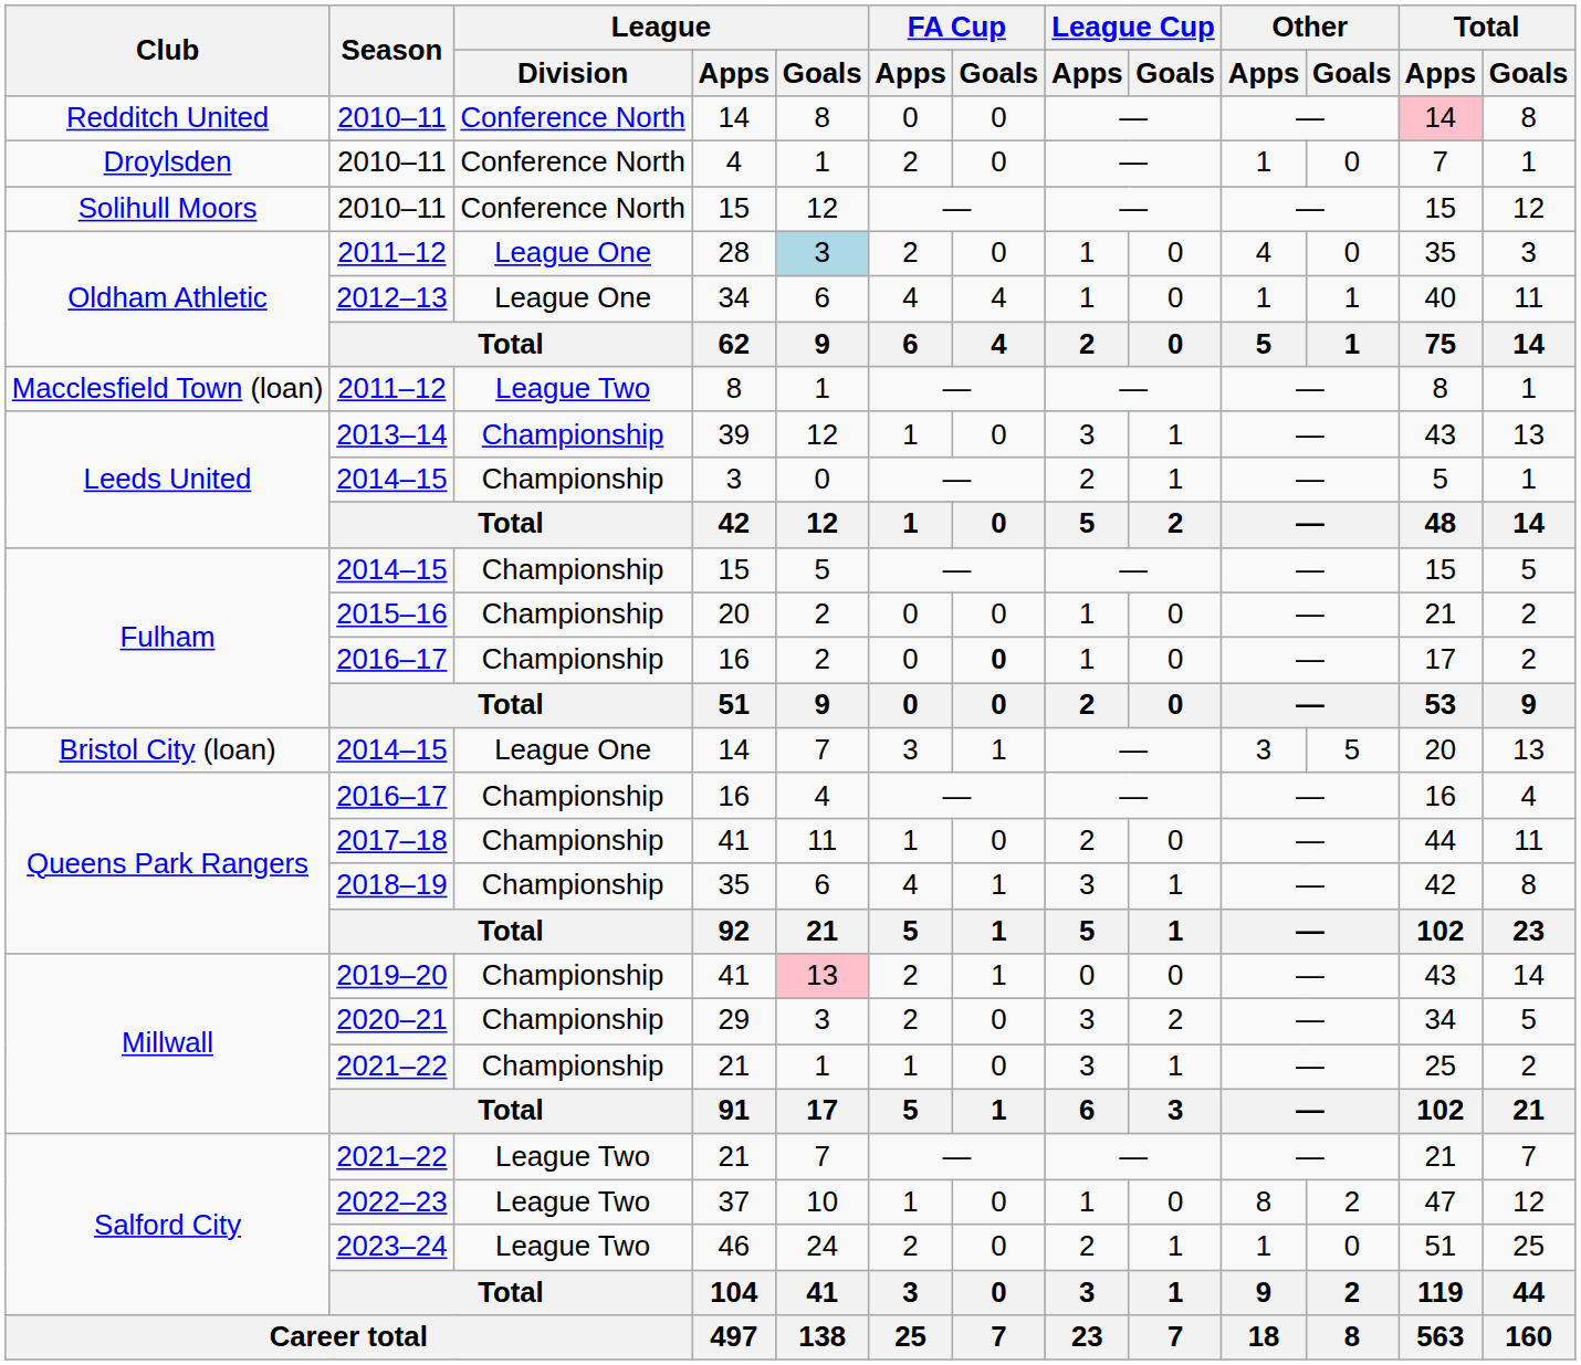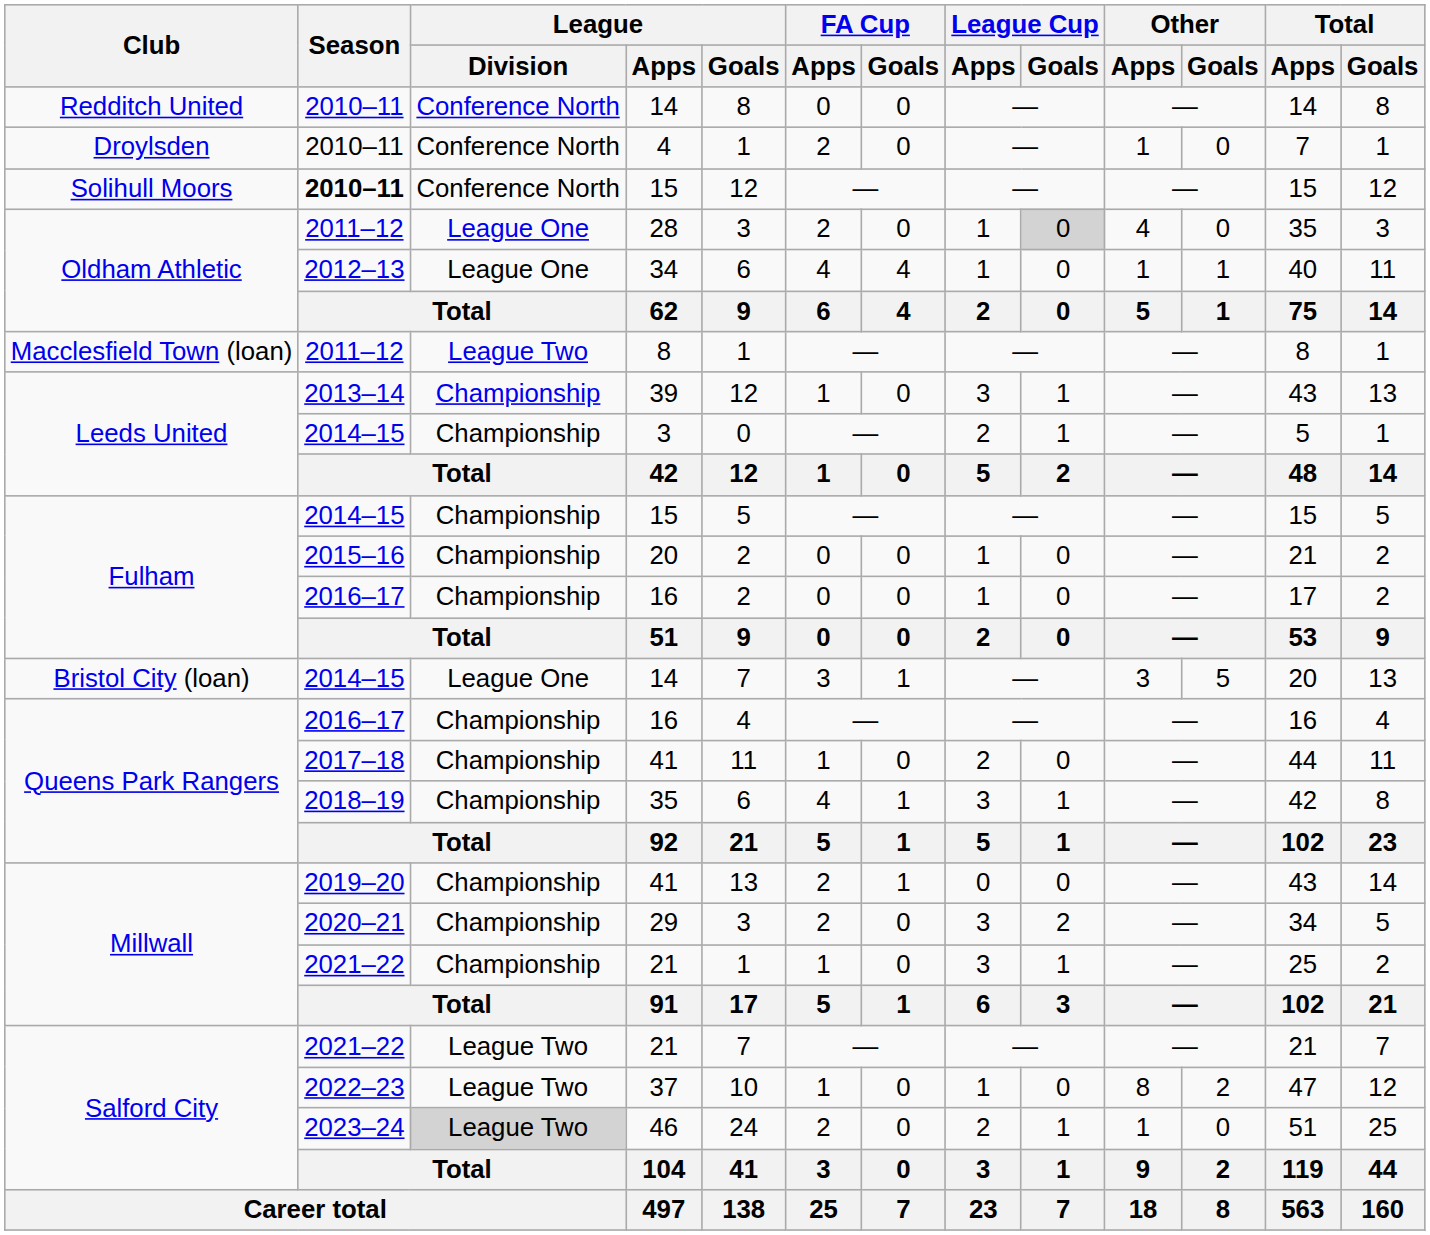 <table class=wikitable style="text-align:center;">
 <tr>
 <th rowspan=2>Club</th>
 <th rowspan=2>Season</th>
 <th colspan=3>League</th>
 <th colspan=2><a href='#'>FA Cup</a></th>
 <th colspan=2><a href='#'>League Cup</a></th>
 <th colspan=2>Other</th>
 <th colspan=2>Total</th>
 </tr>
 <tr>
 <th>Division</th>
 <th>Apps</th>
 <th>Goals</th>
 <th>Apps</th>
 <th>Goals</th>
 <th>Apps</th>
 <th>Goals</th>
 <th>Apps</th>
 <th>Goals</th>
 <th>Apps</th>
 <th>Goals</th>
 </tr>
 <tr>
 <td><a href='#'>Redditch United</a></td>
 <td><a href='#'>2010–11</a></td>
 <td><a href='#'>Conference North</a></td>
 <td>14</td>
 <td>8</td>
 <td>0</td>
 <td>0</td>
 <td colspan="2">—</td>
 <td colspan="2">—</td>
-<td style="background: pink;">14</td>
+<td>14</td>
 <td>8</td>
 </tr>
 <tr>
 <td><a href='#'>Droylsden</a></td>
 <td>2010–11</td>
 <td>Conference North</td>
 <td>4</td>
 <td>1</td>
 <td>2</td>
 <td>0</td>
 <td colspan="2">—</td>
 <td>1</td>
 <td>0</td>
 <td>7</td>
 <td>1</td>
 </tr>
 <tr>
 <td><a href='#'>Solihull Moors</a></td>
-<td>2010–11</td>
+<td><strong>2010–11</strong></td>
 <td>Conference North</td>
 <td>15</td>
 <td>12</td>
 <td colspan="2">—</td>
 <td colspan="2">—</td>
 <td colspan="2">—</td>
 <td>15</td>
 <td>12</td>
 </tr>
 <tr>
 <td rowspan="3"><a href='#'>Oldham Athletic</a></td>
 <td><a href='#'>2011–12</a></td>
 <td><a href='#'>League One</a></td>
 <td>28</td>
-<td style="background: lightblue;">3</td>
+<td>3</td>
 <td>2</td>
 <td>0</td>
 <td>1</td>
-<td>0</td>
+<td style="background: lightgrey;">0</td>
 <td>4</td>
 <td>0</td>
 <td>35</td>
 <td>3</td>
 </tr>
 <tr>
 <td><a href='#'>2012–13</a></td>
 <td>League One</td>
 <td>34</td>
 <td>6</td>
 <td>4</td>
 <td>4</td>
 <td>1</td>
 <td>0</td>
 <td>1</td>
 <td>1</td>
 <td>40</td>
 <td>11</td>
 </tr>
 <tr>
 <th colspan=2>Total</th>
 <th>62</th>
 <th>9</th>
 <th>6</th>
 <th>4</th>
 <th>2</th>
 <th>0</th>
 <th>5</th>
 <th>1</th>
 <th>75</th>
 <th>14</th>
 </tr>
 <tr>
 <td><a href='#'>Macclesfield Town</a> (loan)</td>
 <td><a href='#'>2011–12</a></td>
 <td><a href='#'>League Two</a></td>
 <td>8</td>
 <td>1</td>
 <td colspan=2>—</td>
 <td colspan=2>—</td>
 <td colspan=2>—</td>
 <td>8</td>
 <td>1</td>
 </tr>
 <tr>
 <td rowspan=3><a href='#'>Leeds United</a></td>
 <td><a href='#'>2013–14</a></td>
 <td><a href='#'>Championship</a></td>
 <td>39</td>
 <td>12</td>
 <td>1</td>
 <td>0</td>
 <td>3</td>
 <td>1</td>
 <td colspan=2>—</td>
 <td>43</td>
 <td>13</td>
 </tr>
 <tr>
 <td><a href='#'>2014–15</a></td>
 <td>Championship</td>
 <td>3</td>
 <td>0</td>
 <td colspan=2>—</td>
 <td>2</td>
 <td>1</td>
 <td colspan=2>—</td>
 <td>5</td>
 <td>1</td>
 </tr>
 <tr>
 <th colspan=2>Total</th>
 <th>42</th>
 <th>12</th>
 <th>1</th>
 <th>0</th>
 <th>5</th>
 <th>2</th>
 <th colspan=2>—</th>
 <th>48</th>
 <th>14</th>
 </tr>
 <tr>
 <td rowspan=4><a href='#'>Fulham</a></td>
 <td><a href='#'>2014–15</a></td>
 <td>Championship</td>
 <td>15</td>
 <td>5</td>
 <td colspan=2>—</td>
 <td colspan=2>—</td>
 <td colspan=2>—</td>
 <td>15</td>
 <td>5</td>
 </tr>
 <tr>
 <td><a href='#'>2015–16</a></td>
 <td>Championship</td>
 <td>20</td>
 <td>2</td>
 <td>0</td>
 <td>0</td>
 <td>1</td>
 <td>0</td>
 <td colspan=2>—</td>
 <td>21</td>
 <td>2</td>
 </tr>
 <tr>
 <td><a href='#'>2016–17</a></td>
 <td>Championship</td>
 <td>16</td>
 <td>2</td>
 <td>0</td>
-<td><strong>0</strong></td>
+<td>0</td>
 <td>1</td>
 <td>0</td>
 <td colspan=2>—</td>
 <td>17</td>
 <td>2</td>
 </tr>
 <tr>
 <th colspan=2>Total</th>
 <th>51</th>
 <th>9</th>
 <th>0</th>
 <th>0</th>
 <th>2</th>
 <th>0</th>
 <th colspan=2>—</th>
 <th>53</th>
 <th>9</th>
 </tr>
 <tr>
 <td><a href='#'>Bristol City</a> (loan)</td>
 <td><a href='#'>2014–15</a></td>
 <td>League One</td>
 <td>14</td>
 <td>7</td>
 <td>3</td>
 <td>1</td>
 <td colspan=2>—</td>
 <td>3</td>
 <td>5</td>
 <td>20</td>
 <td>13</td>
 </tr>
 <tr>
 <td rowspan=4><a href='#'>Queens Park Rangers</a></td>
 <td><a href='#'>2016–17</a></td>
 <td>Championship</td>
 <td>16</td>
 <td>4</td>
 <td colspan=2>—</td>
 <td colspan=2>—</td>
 <td colspan=2>—</td>
 <td>16</td>
 <td>4</td>
 </tr>
 <tr>
 <td><a href='#'>2017–18</a></td>
 <td>Championship</td>
 <td>41</td>
 <td>11</td>
 <td>1</td>
 <td>0</td>
 <td>2</td>
 <td>0</td>
 <td colspan=2>—</td>
 <td>44</td>
 <td>11</td>
 </tr>
 <tr>
 <td><a href='#'>2018–19</a></td>
 <td>Championship</td>
 <td>35</td>
 <td>6</td>
 <td>4</td>
 <td>1</td>
 <td>3</td>
 <td>1</td>
 <td colspan=2>—</td>
 <td>42</td>
 <td>8</td>
 </tr>
 <tr>
 <th colspan=2>Total</th>
 <th>92</th>
 <th>21</th>
 <th>5</th>
 <th>1</th>
 <th>5</th>
 <th>1</th>
 <th colspan=2>—</th>
 <th>102</th>
 <th>23</th>
 </tr>
 <tr>
 <td rowspan=4><a href='#'>Millwall</a></td>
 <td><a href='#'>2019–20</a></td>
 <td>Championship</td>
 <td>41</td>
-<td style="background: pink;">13</td>
+<td>13</td>
 <td>2</td>
 <td>1</td>
 <td>0</td>
 <td>0</td>
 <td colspan=2>—</td>
 <td>43</td>
 <td>14</td>
 </tr>
 <tr>
 <td><a href='#'>2020–21</a></td>
 <td>Championship</td>
 <td>29</td>
 <td>3</td>
 <td>2</td>
 <td>0</td>
 <td>3</td>
 <td>2</td>
 <td colspan=2>—</td>
 <td>34</td>
 <td>5</td>
 </tr>
 <tr>
 <td><a href='#'>2021–22</a></td>
 <td>Championship</td>
 <td>21</td>
 <td>1</td>
 <td>1</td>
 <td>0</td>
 <td>3</td>
 <td>1</td>
 <td colspan=2>—</td>
 <td>25</td>
 <td>2</td>
 </tr>
 <tr>
 <th colspan=2>Total</th>
 <th>91</th>
 <th>17</th>
 <th>5</th>
 <th>1</th>
 <th>6</th>
 <th>3</th>
 <th colspan=2>—</th>
 <th>102</th>
 <th>21</th>
 </tr>
 <tr>
 <td rowspan="4"><a href='#'>Salford City</a></td>
 <td><a href='#'>2021–22</a></td>
 <td>League Two</td>
 <td>21</td>
 <td>7</td>
 <td colspan=2>—</td>
 <td colspan=2>—</td>
 <td colspan=2>—</td>
 <td>21</td>
 <td>7</td>
 </tr>
 <tr>
 <td><a href='#'>2022–23</a></td>
 <td>League Two</td>
 <td>37</td>
 <td>10</td>
 <td>1</td>
 <td>0</td>
 <td>1</td>
 <td>0</td>
 <td>8</td>
 <td>2</td>
 <td>47</td>
 <td>12</td>
 </tr>
 <tr>
 <td><a href='#'>2023–24</a></td>
-<td>League Two</td>
+<td style="background: lightgrey;">League Two</td>
 <td>46</td>
 <td>24</td>
 <td>2</td>
 <td>0</td>
 <td>2</td>
 <td>1</td>
 <td>1</td>
 <td>0</td>
 <td>51</td>
 <td>25</td>
 </tr>
 <tr>
 <th colspan="2">Total</th>
 <th>104</th>
 <th>41</th>
 <th>3</th>
 <th>0</th>
 <th>3</th>
 <th>1</th>
 <th>9</th>
 <th>2</th>
 <th>119</th>
 <th>44</th>
 </tr>
 <tr>
 <th colspan="3">Career total</th>
 <th>497</th>
 <th>138</th>
 <th>25</th>
 <th>7</th>
 <th>23</th>
 <th>7</th>
 <th>18</th>
 <th>8</th>
 <th>563</th>
 <th>160</th>
 </tr>
 </table>
